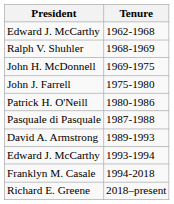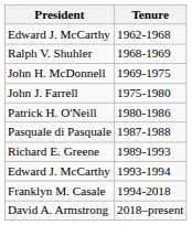 <table class="wikitable">
 <tr>
 <th>President</th>
 <th>Tenure</th>
 </tr>
 <tr>
 <td>Edward J. McCarthy</td>
 <td>1962-1968</td>
 </tr>
 <tr>
 <td>Ralph V. Shuhler</td>
 <td>1968-1969</td>
 </tr>
 <tr>
 <td>John H. McDonnell</td>
 <td>1969-1975</td>
 </tr>
 <tr>
 <td>John J. Farrell</td>
 <td>1975-1980</td>
 </tr>
 <tr>
 <td>Patrick H. O'Neill</td>
 <td>1980-1986</td>
 </tr>
 <tr>
 <td>Pasquale di Pasquale</td>
 <td>1987-1988</td>
 </tr>
 <tr>
-<td>David A. Armstrong</td>
+<td>Richard E. Greene</td>
 <td>1989-1993</td>
 </tr>
 <tr>
 <td>Edward J. McCarthy</td>
 <td>1993-1994</td>
 </tr>
 <tr>
 <td>Franklyn M. Casale</td>
 <td>1994-2018</td>
 </tr>
 <tr>
-<td>Richard E. Greene</td>
+<td>David A. Armstrong</td>
 <td>2018–present</td>
 </tr>
 </table>
